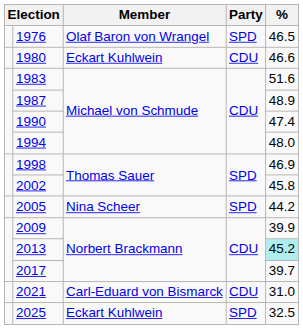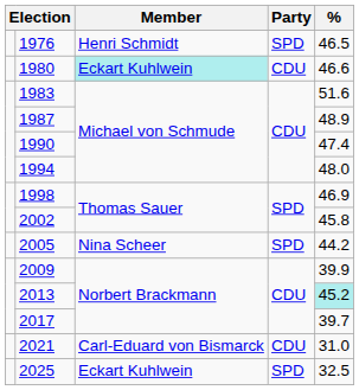 <table class=wikitable>
 <tr>
 <th colspan=2>Election</th>
 <th>Member</th>
 <th>Party</th>
 <th>%</th>
 </tr>
 <tr>
 <td bgcolor=></td>
 <td><a href='#'>1976</a></td>
-<td><a href='#'>Olaf Baron von Wrangel</a></td>
+<td><a href='#'>Henri Schmidt</a></td>
 <td><a href='#'>SPD</a></td>
 <td align=right>46.5</td>
 </tr>
 <tr>
 <td bgcolor=></td>
 <td><a href='#'>1980</a></td>
-<td><a href='#'>Eckart Kuhlwein</a></td>
+<td style="background: paleturquoise;"><a href='#'>Eckart Kuhlwein</a></td>
 <td><a href='#'>CDU</a></td>
 <td align=right>46.6</td>
 </tr>
 <tr>
 <td rowspan=4 bgcolor=></td>
 <td><a href='#'>1983</a></td>
 <td rowspan=4><a href='#'>Michael von Schmude</a></td>
 <td rowspan=4><a href='#'>CDU</a></td>
 <td align=right>51.6</td>
 </tr>
 <tr>
 <td><a href='#'>1987</a></td>
 <td align=right>48.9</td>
 </tr>
 <tr>
 <td><a href='#'>1990</a></td>
 <td align=right>47.4</td>
 </tr>
 <tr>
 <td><a href='#'>1994</a></td>
 <td align=right>48.0</td>
 </tr>
 <tr>
 <td rowspan=2 bgcolor=></td>
 <td><a href='#'>1998</a></td>
 <td rowspan=2><a href='#'>Thomas Sauer</a></td>
 <td rowspan=2><a href='#'>SPD</a></td>
 <td align=right>46.9</td>
 </tr>
 <tr>
 <td><a href='#'>2002</a></td>
 <td align=right>45.8</td>
 </tr>
 <tr>
 <td bgcolor=></td>
 <td><a href='#'>2005</a></td>
 <td><a href='#'>Nina Scheer</a></td>
 <td><a href='#'>SPD</a></td>
 <td align=right>44.2</td>
 </tr>
 <tr>
 <td rowspan=3 bgcolor=></td>
 <td><a href='#'>2009</a></td>
 <td rowspan=3><a href='#'>Norbert Brackmann</a></td>
 <td rowspan=3><a href='#'>CDU</a></td>
 <td align=right>39.9</td>
 </tr>
 <tr>
 <td><a href='#'>2013</a></td>
 <td align=right style="background: paleturquoise;">45.2</td>
 </tr>
 <tr>
 <td><a href='#'>2017</a></td>
 <td align=right>39.7</td>
 </tr>
 <tr>
 <td bgcolor=></td>
 <td><a href='#'>2021</a></td>
 <td><a href='#'>Carl-Eduard von Bismarck</a></td>
 <td><a href='#'>CDU</a></td>
 <td align=right>31.0</td>
 </tr>
 <tr>
 <td></td>
 <td><a href='#'>2025</a></td>
 <td><a href='#'>Eckart Kuhlwein</a></td>
 <td><a href='#'>SPD</a></td>
 <td>32.5</td>
 </tr>
 </table>
